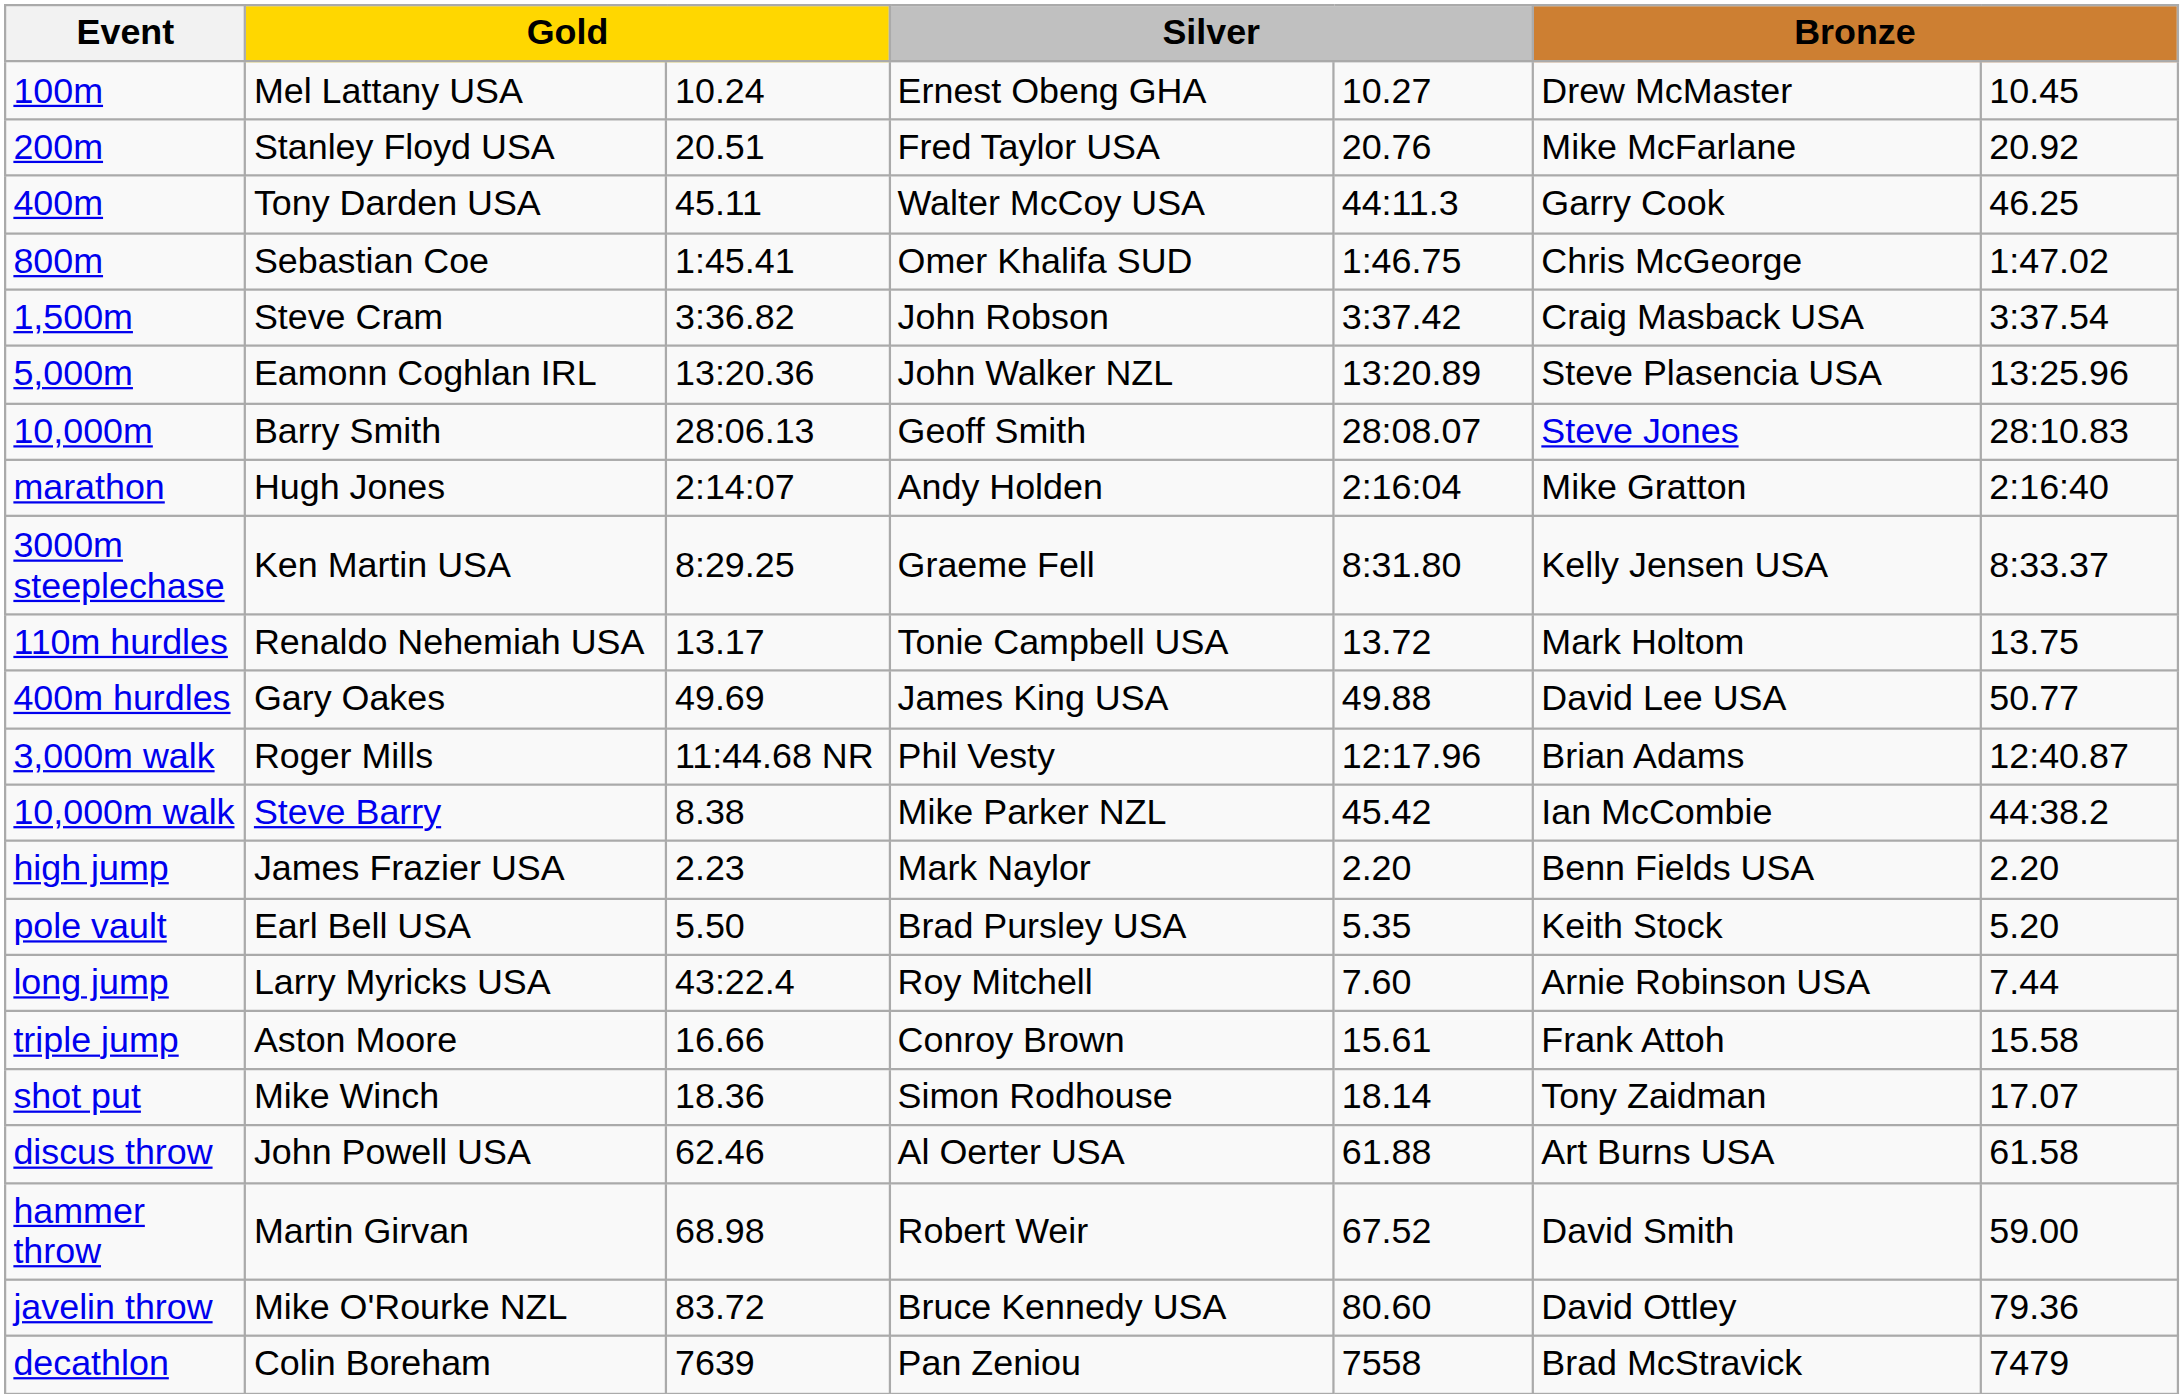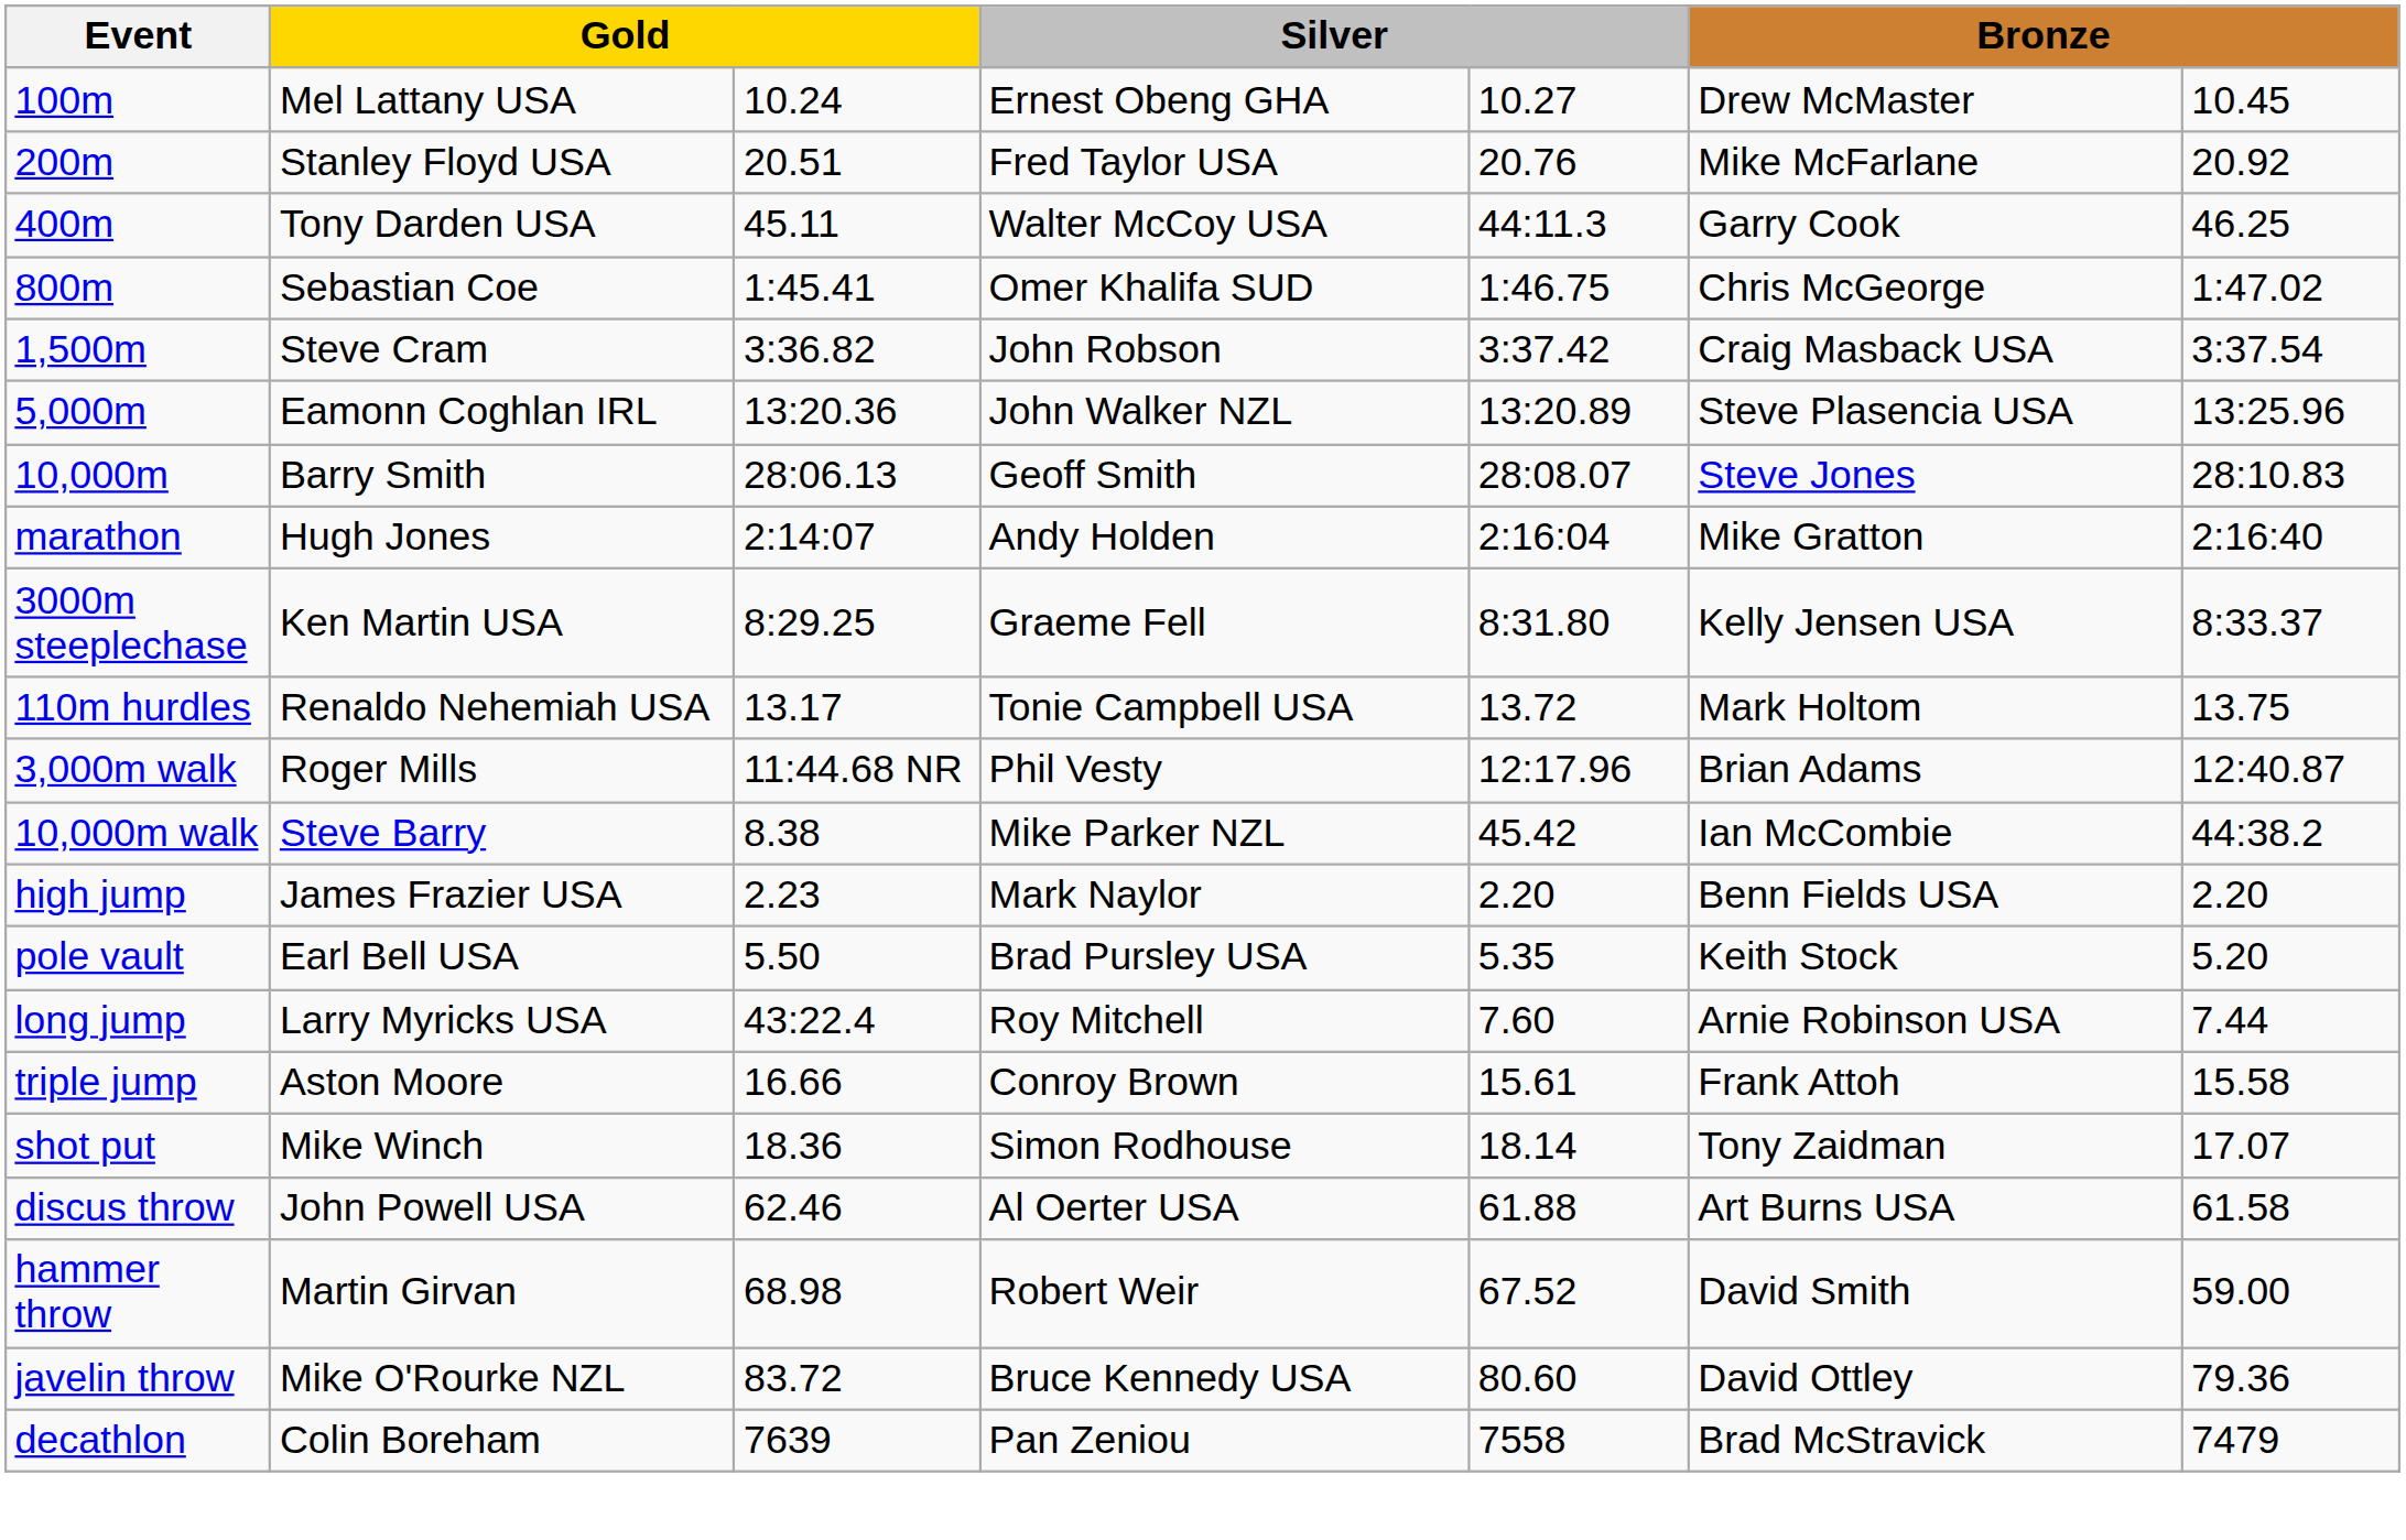 <table class="wikitable" style="text-align:left">
 <tr>
 <th width=100>Event</th>
 <th colspan="2" width="280" style="background:gold;">Gold</th>
 <th colspan="2" width="280" style="background:silver;">Silver</th>
 <th colspan="2" width="280" style="background:#CD7F32;">Bronze</th>
 </tr>
 <tr>
 <td><a href='#'>100m</a></td>
 <td>Mel Lattany USA</td>
 <td>10.24</td>
 <td>Ernest Obeng GHA</td>
 <td>10.27</td>
 <td> Drew McMaster</td>
 <td>10.45</td>
 </tr>
 <tr>
 <td><a href='#'>200m</a></td>
 <td>Stanley Floyd USA</td>
 <td>20.51</td>
 <td>Fred Taylor USA</td>
 <td>20.76</td>
 <td>Mike McFarlane</td>
 <td>20.92</td>
 </tr>
 <tr>
 <td><a href='#'>400m</a></td>
 <td>Tony Darden USA</td>
 <td>45.11</td>
 <td>Walter McCoy USA</td>
 <td>44:11.3</td>
 <td>Garry Cook</td>
 <td>46.25</td>
 </tr>
 <tr>
 <td><a href='#'>800m</a></td>
 <td>Sebastian Coe</td>
 <td>1:45.41</td>
 <td>Omer Khalifa SUD</td>
 <td>1:46.75</td>
 <td>Chris McGeorge</td>
 <td>1:47.02</td>
 </tr>
 <tr>
 <td><a href='#'>1,500m</a></td>
 <td>Steve Cram</td>
 <td>3:36.82</td>
 <td> John Robson</td>
 <td>3:37.42</td>
 <td>Craig Masback USA</td>
 <td>3:37.54</td>
 </tr>
 <tr>
 <td><a href='#'>5,000m</a></td>
 <td>Eamonn Coghlan IRL</td>
 <td>13:20.36</td>
 <td>John Walker NZL</td>
 <td>13:20.89</td>
 <td>Steve Plasencia USA</td>
 <td>13:25.96</td>
 </tr>
 <tr>
 <td><a href='#'>10,000m</a></td>
 <td>Barry Smith</td>
 <td>28:06.13</td>
 <td>Geoff Smith</td>
 <td>28:08.07</td>
 <td> <a href='#'>Steve Jones</a></td>
 <td>28:10.83</td>
 </tr>
 <tr>
 <td><a href='#'>marathon</a></td>
 <td>Hugh Jones</td>
 <td>2:14:07</td>
 <td>Andy Holden</td>
 <td>2:16:04</td>
 <td>Mike Gratton</td>
 <td>2:16:40</td>
 </tr>
 <tr>
 <td><a href='#'>3000m steeplechase</a></td>
 <td>Ken Martin USA</td>
 <td>8:29.25</td>
 <td>Graeme Fell</td>
 <td>8:31.80</td>
 <td>Kelly Jensen USA</td>
 <td>8:33.37</td>
 </tr>
 <tr>
 <td><a href='#'>110m hurdles</a></td>
 <td>Renaldo Nehemiah USA</td>
 <td>13.17</td>
 <td>Tonie Campbell USA</td>
 <td>13.72</td>
 <td>Mark Holtom</td>
 <td>13.75</td>
-</tr>
-<tr>
-<td><a href='#'>400m hurdles</a></td>
-<td>Gary Oakes</td>
-<td>49.69</td>
-<td>James King USA</td>
-<td>49.88</td>
-<td>David Lee USA</td>
-<td>50.77</td>
 </tr>
 <tr>
 <td><a href='#'>3,000m walk</a></td>
 <td>Roger Mills</td>
 <td>11:44.68 NR</td>
 <td>Phil Vesty</td>
 <td>12:17.96</td>
 <td>Brian Adams</td>
 <td>12:40.87</td>
 </tr>
 <tr>
 <td><a href='#'>10,000m walk</a></td>
 <td> <a href='#'>Steve Barry</a></td>
 <td>8.38</td>
 <td>Mike Parker NZL</td>
 <td>45.42</td>
 <td>Ian McCombie</td>
 <td>44:38.2</td>
 </tr>
 <tr>
 <td><a href='#'>high jump</a></td>
 <td>James Frazier USA</td>
 <td>2.23</td>
 <td>Mark Naylor</td>
 <td>2.20</td>
 <td>Benn Fields USA</td>
 <td>2.20</td>
 </tr>
 <tr>
 <td><a href='#'>pole vault</a></td>
 <td>Earl Bell USA</td>
 <td>5.50</td>
 <td>Brad Pursley USA</td>
 <td>5.35</td>
 <td>Keith Stock</td>
 <td>5.20</td>
 </tr>
 <tr>
 <td><a href='#'>long jump</a></td>
 <td>Larry Myricks USA</td>
 <td>43:22.4</td>
 <td>Roy Mitchell</td>
 <td>7.60</td>
 <td>Arnie Robinson USA</td>
 <td>7.44</td>
 </tr>
 <tr>
 <td><a href='#'>triple jump</a></td>
 <td>Aston Moore</td>
 <td>16.66</td>
 <td>Conroy Brown</td>
 <td>15.61</td>
 <td>Frank Attoh</td>
 <td>15.58</td>
 </tr>
 <tr>
 <td><a href='#'>shot put</a></td>
 <td>Mike Winch</td>
 <td>18.36</td>
 <td>Simon Rodhouse</td>
 <td>18.14</td>
 <td>Tony Zaidman</td>
 <td>17.07</td>
 </tr>
 <tr>
 <td><a href='#'>discus throw</a></td>
 <td>John Powell USA</td>
 <td>62.46</td>
 <td>Al Oerter USA</td>
 <td>61.88</td>
 <td>Art Burns USA</td>
 <td>61.58</td>
 </tr>
 <tr>
 <td><a href='#'>hammer throw</a></td>
 <td>Martin Girvan</td>
 <td>68.98</td>
 <td>Robert Weir</td>
 <td>67.52</td>
 <td>David Smith</td>
 <td>59.00</td>
 </tr>
 <tr>
 <td><a href='#'>javelin throw</a></td>
 <td>Mike O'Rourke NZL</td>
 <td>83.72</td>
 <td>Bruce Kennedy USA</td>
 <td>80.60</td>
 <td>David Ottley</td>
 <td>79.36</td>
 </tr>
 <tr>
 <td><a href='#'>decathlon</a></td>
 <td>Colin Boreham</td>
 <td>7639</td>
 <td>Pan Zeniou</td>
 <td>7558</td>
 <td> Brad McStravick</td>
 <td>7479</td>
 </tr>
 </table>
